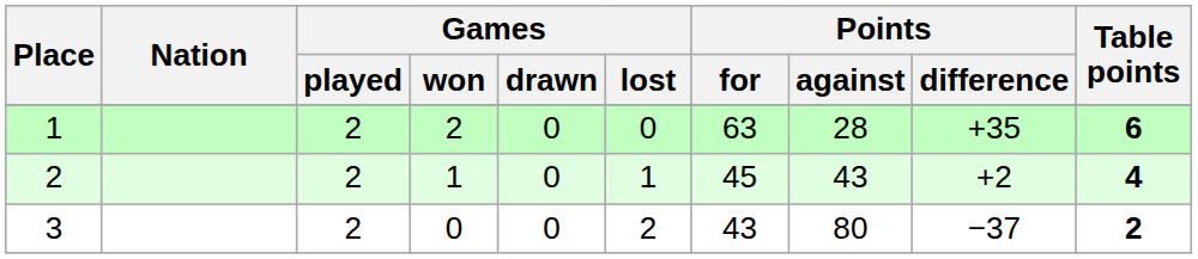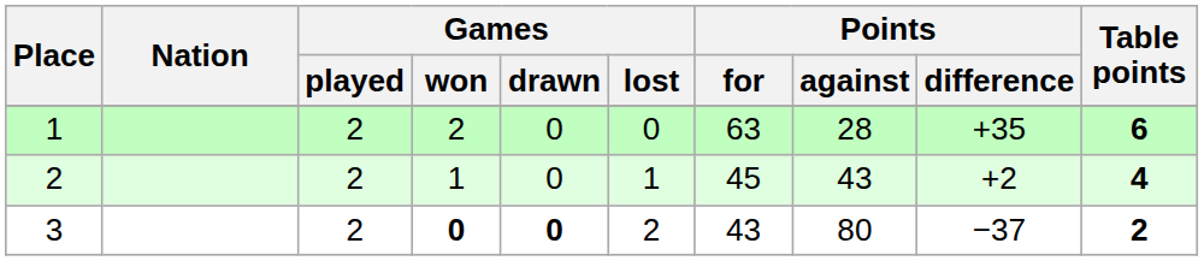 <table class="wikitable">
 <tr>
 <th rowspan=2 width="8%">Place</th>
 <th rowspan=2 width="20%">Nation</th>
 <th colspan=4 width="32%">Games</th>
 <th colspan=3 width="30%">Points</th>
 <th rowspan=2 width="10%">Table<br>points</th>
 </tr>
 <tr>
 <th width="8%">played</th>
 <th width="8%">won</th>
 <th width="8%">drawn</th>
 <th width="8%">lost</th>
 <th width="10%">for</th>
 <th width="10%">against</th>
 <th width="10%">difference</th>
 </tr>
 <tr>
 </tr>
 <tr bgcolor=#C0FFC0 align=center>
 <td>1</td>
 <td align=left></td>
 <td>2</td>
 <td>2</td>
 <td>0</td>
 <td>0</td>
 <td>63</td>
 <td>28</td>
 <td>+35</td>
 <td><strong>6</strong></td>
 </tr>
 <tr bgcolor=#E0FFE0 align=center>
 <td>2</td>
 <td align=left></td>
 <td>2</td>
 <td>1</td>
 <td>0</td>
 <td>1</td>
 <td>45</td>
 <td>43</td>
 <td>+2</td>
 <td><strong>4</strong></td>
 </tr>
 <tr bgcolor=#ffffff align=center>
 <td>3</td>
 <td align=left></td>
 <td>2</td>
-<td>0</td>
-<td>0</td>
+<td><strong>0</strong></td>
+<td><strong>0</strong></td>
 <td>2</td>
 <td>43</td>
 <td>80</td>
 <td>−37</td>
 <td><strong>2</strong></td>
 </tr>
 </table>
